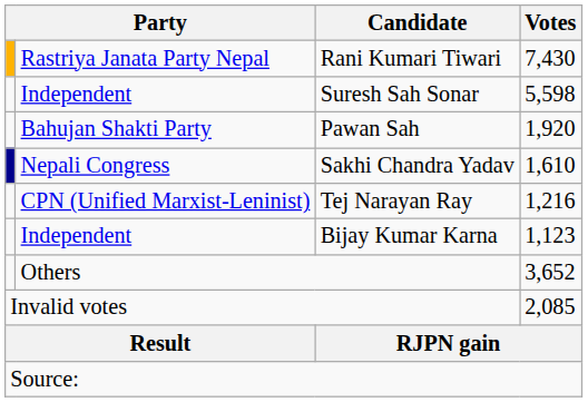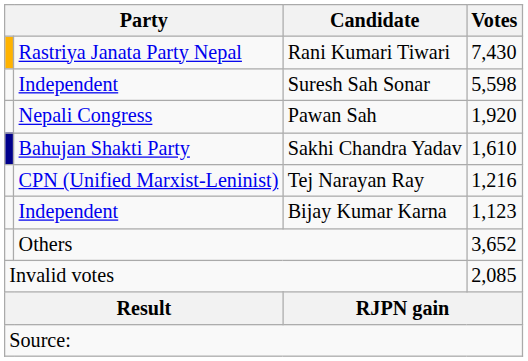 <table class="wikitable">
 <tr>
 <th colspan="2">Party</th>
 <th>Candidate</th>
 <th>Votes</th>
 </tr>
 <tr>
 <td style="background-color:#ffb300"></td>
 <td><a href='#'>Rastriya Janata Party Nepal</a></td>
 <td>Rani Kumari Tiwari</td>
 <td>7,430</td>
 </tr>
 <tr>
 <td style="background-color:"></td>
 <td><a href='#'>Independent</a></td>
 <td>Suresh Sah Sonar</td>
 <td>5,598</td>
 </tr>
 <tr>
 <td style="background-color:"></td>
-<td><a href='#'>Bahujan Shakti Party</a></td>
+<td><a href='#'>Nepali Congress</a></td>
 <td>Pawan Sah</td>
 <td>1,920</td>
 </tr>
 <tr>
 <td style="background-color:darkblue"></td>
-<td><a href='#'>Nepali Congress</a></td>
+<td><a href='#'>Bahujan Shakti Party</a></td>
 <td>Sakhi Chandra Yadav</td>
 <td>1,610</td>
 </tr>
 <tr>
 <td style="background-color:"></td>
 <td><a href='#'>CPN (Unified Marxist-Leninist)</a></td>
 <td>Tej Narayan Ray</td>
 <td>1,216</td>
 </tr>
 <tr>
 <td style="background-color:"></td>
 <td><a href='#'>Independent</a></td>
 <td>Bijay Kumar Karna</td>
 <td>1,123</td>
 </tr>
 <tr>
 <td></td>
 <td colspan="2">Others</td>
 <td>3,652</td>
 </tr>
 <tr>
 <td colspan="3">Invalid votes</td>
 <td>2,085</td>
 </tr>
 <tr>
 <th colspan="2">Result</th>
 <th colspan="2">RJPN gain</th>
 </tr>
 <tr>
 <td colspan="4">Source: </td>
 </tr>
 </table>
